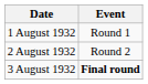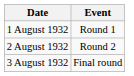 <table class = "wikitable" style="text-align:center;">
 <tr>
 <th>Date</th>
 <th>Event</th>
 </tr>
 <tr>
 <td>1 August 1932</td>
 <td>Round 1</td>
 </tr>
 <tr>
 <td>2 August 1932</td>
 <td>Round 2</td>
 </tr>
 <tr>
 <td>3 August 1932</td>
-<td><strong>Final round</strong></td>
+<td>Final round</td>
 </tr>
 </table>
